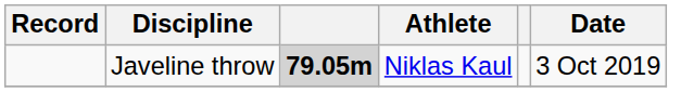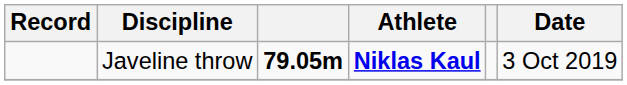 <table class="wikitable">
 <tr>
 <th>Record</th>
 <th>Discipline</th>
 <th></th>
 <th>Athlete</th>
 <th></th>
 <th>Date</th>
 </tr>
 <tr>
 <td><strong> </strong></td>
 <td>Javeline throw</td>
-<td style="background: lightgrey;"><strong>79.05m</strong></td>
-<td><a href='#'>Niklas Kaul</a></td>
+<td><strong>79.05m</strong></td>
+<td><strong><a href='#'>Niklas Kaul</a></strong></td>
 <td></td>
 <td>3 Oct 2019</td>
 </tr>
 <tr>
 </tr>
 </table>
